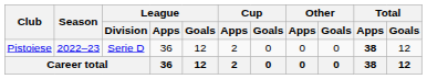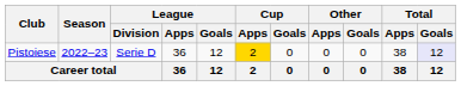 <table class="wikitable" style="text-align: center;">
 <tr>
 <th rowspan="2">Club</th>
 <th rowspan="2">Season</th>
 <th colspan="3">League</th>
 <th colspan="2">Cup</th>
 <th colspan="2">Other</th>
 <th colspan="2">Total</th>
 </tr>
 <tr>
 <th>Division</th>
 <th>Apps</th>
 <th>Goals</th>
 <th>Apps</th>
 <th>Goals</th>
 <th>Apps</th>
 <th>Goals</th>
 <th>Apps</th>
 <th>Goals</th>
 </tr>
 <tr>
 <td><a href='#'>Pistoiese</a></td>
 <td><a href='#'>2022–23</a></td>
 <td><a href='#'>Serie D</a></td>
 <td>36</td>
 <td>12</td>
-<td>2</td>
+<td style="background: gold;">2</td>
 <td>0</td>
 <td>0</td>
 <td>0</td>
-<td><strong>38</strong></td>
-<td>12</td>
+<td>38</td>
+<td style="background: lavender;">12</td>
 </tr>
 <tr>
 <th colspan="3">Career total</th>
 <th>36</th>
 <th>12</th>
 <th>2</th>
 <th>0</th>
 <th>0</th>
 <th>0</th>
 <th>38</th>
 <th>12</th>
 </tr>
 </table>
